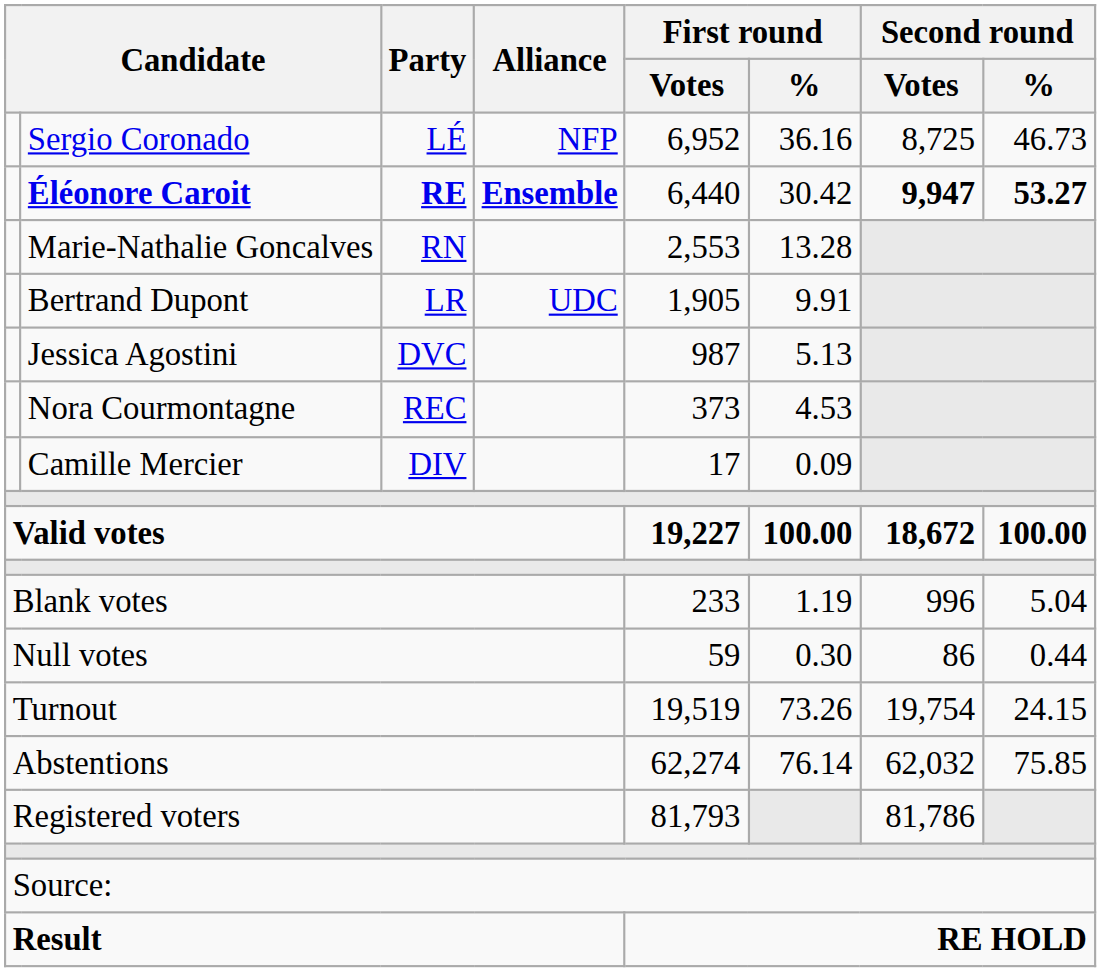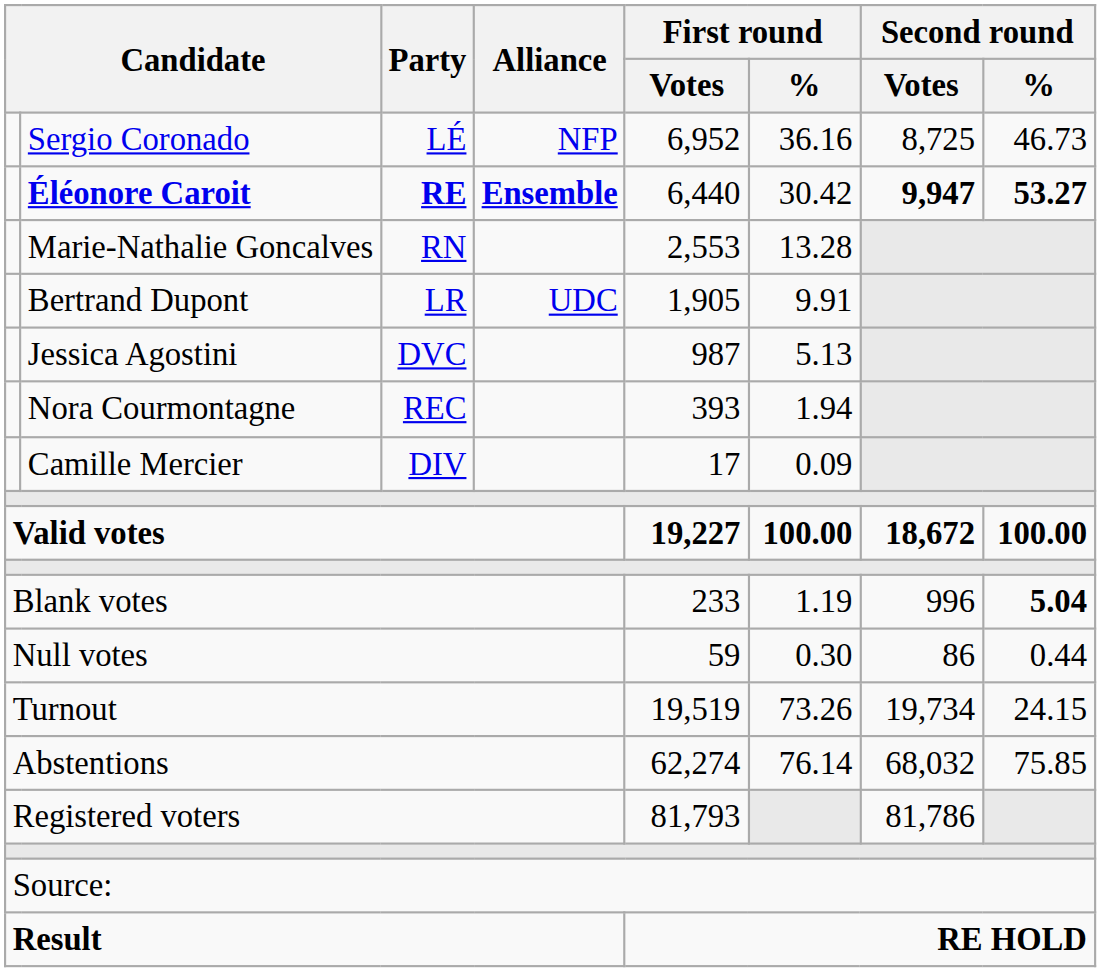 <table class="wikitable" style="text-align:right;font-size:95%;">
 <tr>
 <th colspan="2" rowspan="2">Candidate</th>
 <th colspan="1" rowspan="2">Party</th>
 <th colspan="1" rowspan="2">Alliance</th>
 <th colspan="2">First round</th>
 <th colspan="2">Second round</th>
 </tr>
 <tr>
 <th style="width:50px;">Votes</th>
 <th style="width:45px;">%</th>
 <th style="width:50px;">Votes</th>
 <th style="width:45px;">%</th>
 </tr>
 <tr>
 <td style="color:inherit;background:"></td>
 <td style="text-align:left;"><a href='#'>Sergio Coronado</a></td>
 <td><a href='#'>LÉ</a></td>
 <td><a href='#'>NFP</a></td>
 <td>6,952</td>
 <td>36.16</td>
 <td>8,725</td>
 <td>46.73</td>
 </tr>
 <tr>
 <td style="color:inherit;background:"></td>
 <td style="text-align:left;"><strong><a href='#'>Éléonore Caroit</a></strong></td>
 <td><a href='#'><strong>RE</strong></a></td>
 <td><a href='#'><strong>Ensemble</strong></a></td>
 <td>6,440</td>
 <td>30.42</td>
 <td><strong>9,947</strong></td>
 <td><strong>53.27</strong></td>
 </tr>
 <tr>
 <td style="color:inherit;background:"></td>
 <td style="text-align:left;">Marie-Nathalie Goncalves</td>
 <td><a href='#'>RN</a></td>
 <td></td>
 <td>2,553</td>
 <td>13.28</td>
 <td colspan="2" rowspan="1" style="background:#E9E9E9;"></td>
 </tr>
 <tr>
 <td style="color:inherit;background:"></td>
 <td style="text-align:left;">Bertrand Dupont</td>
 <td><a href='#'>LR</a></td>
 <td><a href='#'>UDC</a></td>
 <td>1,905</td>
 <td>9.91</td>
 <td colspan="2" rowspan="1" style="background:#E9E9E9;"></td>
 </tr>
 <tr>
 <td style="color:inherit;background:"></td>
 <td style="text-align:left;">Jessica Agostini</td>
 <td><a href='#'>DVC</a></td>
 <td></td>
 <td>987</td>
 <td>5.13</td>
 <td colspan="2" rowspan="1" style="background:#E9E9E9;"></td>
 </tr>
 <tr>
 <td style="color:inherit;background:"></td>
 <td style="text-align:left;">Nora Courmontagne</td>
 <td><a href='#'>REC</a></td>
 <td></td>
-<td>373</td>
-<td>4.53</td>
+<td>393</td>
+<td>1.94</td>
 <td colspan="2" rowspan="1" style="background:#E9E9E9;"></td>
 </tr>
 <tr>
 <td style="color:inherit;background:"></td>
 <td style="text-align:left;">Camille Mercier</td>
 <td><a href='#'>DIV</a></td>
 <td></td>
 <td>17</td>
 <td>0.09</td>
 <td colspan="2" rowspan="1" style="background:#E9E9E9;"></td>
 </tr>
 <tr>
 <td colspan="8" style="background:#E9E9E9;"></td>
 </tr>
 <tr style="font-weight:bold;">
 <td colspan="4" style="text-align:left;">Valid votes</td>
 <td>19,227</td>
 <td>100.00</td>
 <td>18,672</td>
 <td>100.00</td>
 </tr>
 <tr>
 <td colspan="8" style="background:#E9E9E9;"></td>
 </tr>
 <tr>
 <td colspan="4" style="text-align:left;">Blank votes</td>
 <td>233</td>
 <td>1.19</td>
 <td>996</td>
-<td>5.04</td>
+<td><strong>5.04</strong></td>
 </tr>
 <tr>
 <td colspan="4" style="text-align:left;">Null votes</td>
 <td>59</td>
 <td>0.30</td>
 <td>86</td>
 <td>0.44</td>
 </tr>
 <tr>
 <td colspan="4" style="text-align:left;">Turnout</td>
 <td>19,519</td>
 <td>73.26</td>
-<td>19,754</td>
+<td>19,734</td>
 <td>24.15</td>
 </tr>
 <tr>
 <td colspan="4" style="text-align:left;">Abstentions</td>
 <td>62,274</td>
 <td>76.14</td>
-<td>62,032</td>
+<td>68,032</td>
 <td>75.85</td>
 </tr>
 <tr>
 <td colspan="4" style="text-align:left;">Registered voters</td>
 <td>81,793</td>
 <td style="background:#E9E9E9;"></td>
 <td>81,786</td>
 <td style="background:#E9E9E9;"></td>
 </tr>
 <tr>
 <td colspan="8" style="background:#E9E9E9;"></td>
 </tr>
 <tr>
 <td colspan="8" style="text-align:left;">Source: </td>
 </tr>
 <tr style="font-weight:bold">
 <td colspan="4" style="text-align:left;">Result</td>
 <td colspan="4" style="background-color:">RE HOLD</td>
 </tr>
 </table>
